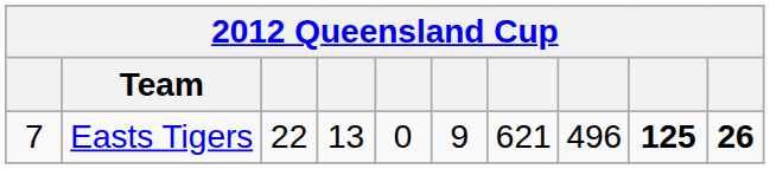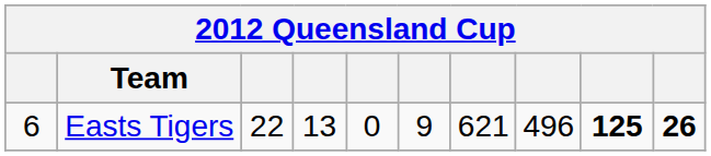 <table class="wikitable" style="text-align:center;">
 <tr>
 <th colspan="11"><a href='#'>2012 Queensland Cup</a></th>
 </tr>
 <tr>
 <th width="20"></th>
 <th>Team</th>
 <th width="20"></th>
 <th width="20"></th>
 <th width="20"></th>
 <th width="20"></th>
 <th width="25"></th>
 <th width="25"></th>
 <th width="30"></th>
 <th width="20"></th>
 </tr>
 <tr style="background:">
-<td>7</td>
+<td>6</td>
 <td style="text-align:left;"> <a href='#'>Easts Tigers</a></td>
 <td>22</td>
 <td>13</td>
 <td>0</td>
 <td>9</td>
 <td>621</td>
 <td>496</td>
 <td><strong>125</strong></td>
 <td><strong>26</strong></td>
 </tr>
 </table>
